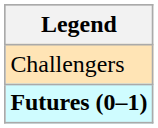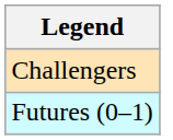 <table class="sortable wikitable" style="font-size:90%;">
 <tr>
 <th>Legend</th>
 </tr>
 <tr bgcolor="moccasin">
 <td>Challengers</td>
 </tr>
 <tr bgcolor="CFFCFF">
-<td><strong>Futures (0–1)</strong></td>
+<td>Futures (0–1)</td>
 </tr>
 </table>
